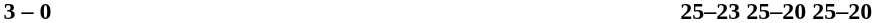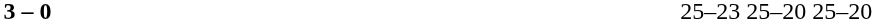 <table width=100% cellspacing=1>
 <tr>
 <th width=20%></th>
 <th width=12%></th>
 <th width=20%></th>
 <th width=33%></th>
 <td></td>
 </tr>
 <tr style=font-size:95%>
 <td align=right><strong></strong></td>
 <td align=center><strong>3 – 0</strong></td>
 <td></td>
-<td><strong>25–23 25–20 25–20</strong></td>
+<td>25–23 25–20 25–20</td>
 </tr>
 </table>
